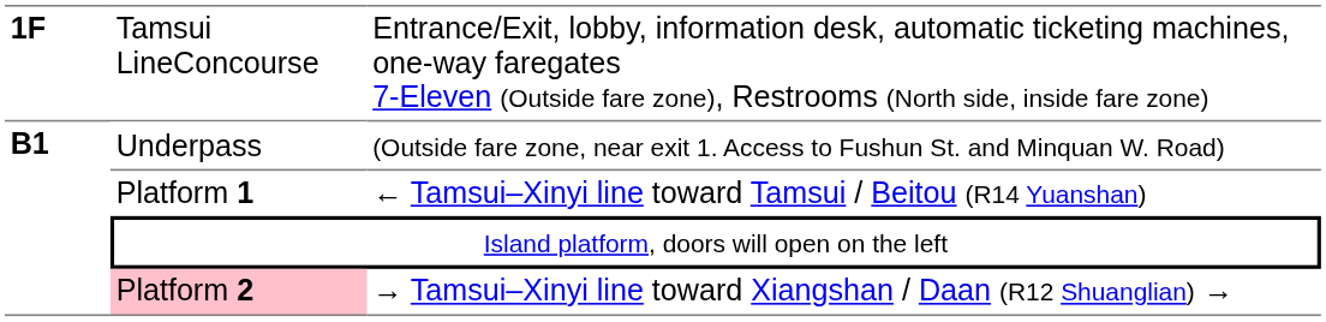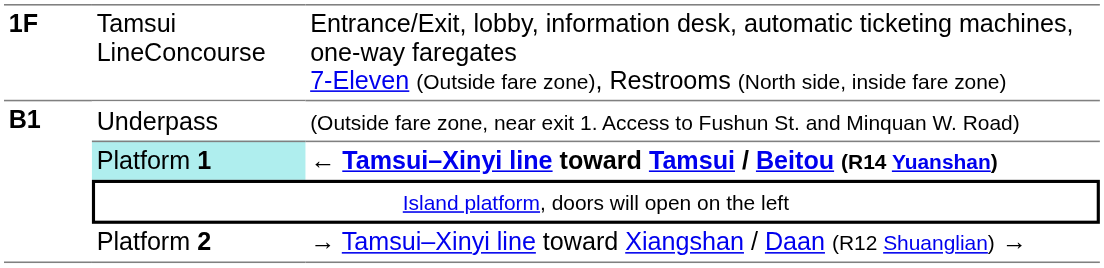 <table border=0 cellspacing=0 cellpadding=3>
 <tr>
 <td style="border-bottom:solid 1px gray;border-top:solid 1px gray;" width=50 valign=top><strong>1F</strong></td>
 <td style="border-top:solid 1px gray;border-bottom:solid 1px gray;" width=130 valign=top>Tamsui LineConcourse</td>
 <td style="border-top:solid 1px gray;border-bottom:solid 1px gray;" width=500 valign=top>Entrance/Exit, lobby, information desk, automatic ticketing machines, one-way faregates<br><a href='#'>7-Eleven</a> <small>(Outside fare zone)</small>, Restrooms <small>(North side, inside fare zone)</small></td>
 </tr>
 <tr>
 <td style="border-bottom:solid 1px gray;" width=50 rowspan=10 valign=top><strong>B1</strong></td>
 </tr>
 <tr>
 <td style="border-top:solid 1px white;" rowspan=2 valign=top>Underpass</td>
 </tr>
 <tr>
 <td><small>(Outside fare zone, near exit 1. Access to Fushun St. and Minquan W. Road)</small></td>
 </tr>
 <tr>
-<td style="border-top:solid 1px gray;" valign=top>Platform <span><strong>1</strong></span></td>
-<td style="border-top:solid 1px gray;">←  <a href='#'>Tamsui–Xinyi line</a> toward <a href='#'>Tamsui</a> / <a href='#'>Beitou</a> <small> (R14 <a href='#'>Yuanshan</a>)</small></td>
+<td style="background: paleturquoise; border-top:solid 1px gray;" valign=top>Platform <span><strong>1</strong></span></td>
+<td style="border-top:solid 1px gray;"><strong>←  <a href='#'>Tamsui–Xinyi line</a> toward <a href='#'>Tamsui</a> / <a href='#'>Beitou</a> <small> (R14 <a href='#'>Yuanshan</a>)</small></strong></td>
 </tr>
 <tr>
 <td style="border-top:solid 2px black;border-right:solid 2px black;border-left:solid 2px black;border-bottom:solid 2px black;text-align:center;" colspan=2><small><a href='#'>Island platform</a>, doors will open on the left</small></td>
 </tr>
 <tr>
-<td style="background: pink; border-bottom:solid 1px gray;">Platform <span><strong>2</strong></span></td>
+<td style="border-bottom:solid 1px gray;">Platform <span><strong>2</strong></span></td>
 <td style="border-bottom:solid 1px gray;"><span>→</span>  <a href='#'>Tamsui–Xinyi line</a> toward <a href='#'>Xiangshan</a> / <a href='#'>Daan</a> <small>(R12 <a href='#'>Shuanglian</a>)</small> →</td>
 </tr>
 </table>
